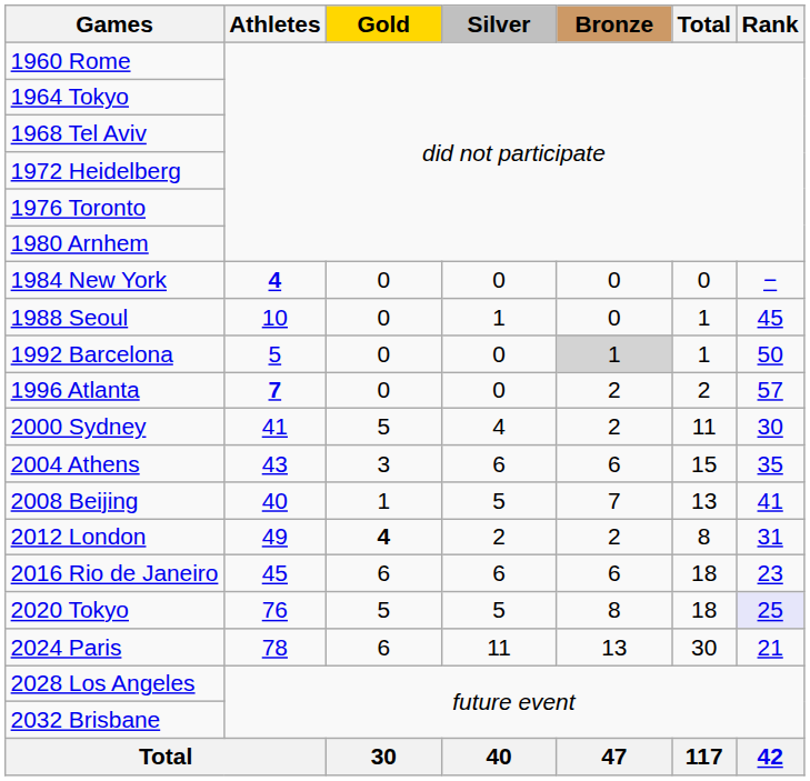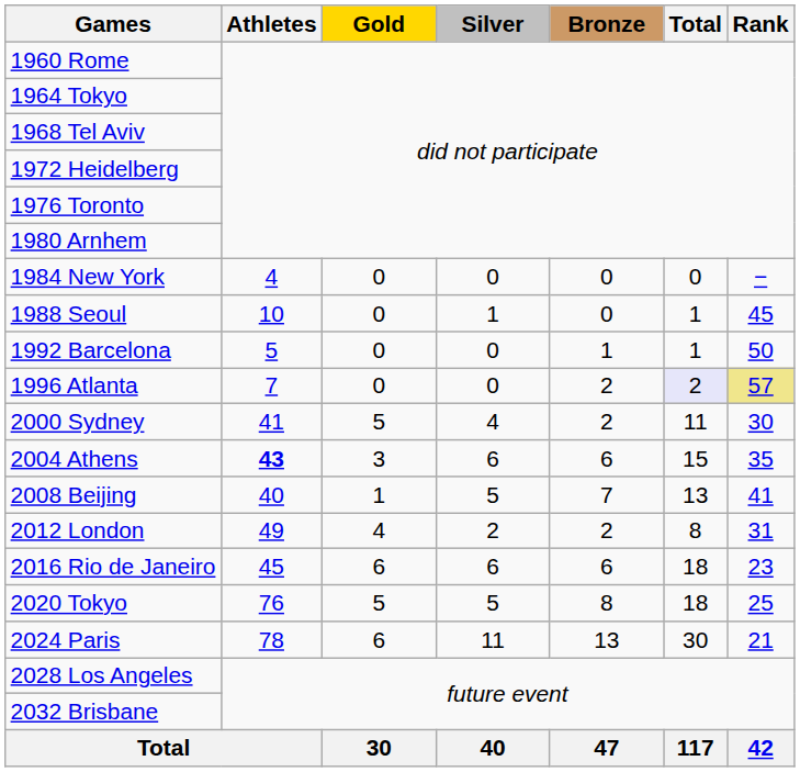 <table class="wikitable" style="text-align:center; font-size:90%;">
 <tr>
 <th>Games</th>
 <th>Athletes</th>
 <th style="background:gold; width:4.5em; font-weight:bold;">Gold</th>
 <th style="background:silver; width:4.5em; font-weight:bold;">Silver</th>
 <th style="background:#cc9966; width:4.5em; font-weight:bold;">Bronze</th>
 <th>Total</th>
 <th>Rank</th>
 </tr>
 <tr>
 <td align=left><a href='#'>1960 Rome</a></td>
 <td colspan=6 rowspan=6><em>did not participate</em></td>
 </tr>
 <tr>
 <td align=left><a href='#'>1964 Tokyo</a></td>
 </tr>
 <tr>
 <td align=left><a href='#'>1968 Tel Aviv</a></td>
 </tr>
 <tr>
 <td align=left><a href='#'>1972 Heidelberg</a></td>
 </tr>
 <tr>
 <td align=left><a href='#'>1976 Toronto</a></td>
 </tr>
 <tr>
 <td align=left><a href='#'>1980 Arnhem</a></td>
 </tr>
 <tr>
 <td align=left><a href='#'>1984 New York</a></td>
-<td><strong><a href='#'>4</a></strong></td>
+<td><a href='#'>4</a></td>
 <td>0</td>
 <td>0</td>
 <td>0</td>
 <td>0</td>
 <td><a href='#'>−</a></td>
 </tr>
 <tr>
 <td align=left><a href='#'>1988 Seoul</a></td>
 <td><a href='#'>10</a></td>
 <td>0</td>
 <td>1</td>
 <td>0</td>
 <td>1</td>
 <td><a href='#'>45</a></td>
 </tr>
 <tr>
 <td align=left><a href='#'>1992 Barcelona</a></td>
 <td><a href='#'>5</a></td>
 <td>0</td>
 <td>0</td>
-<td style="background: lightgrey;">1</td>
+<td>1</td>
 <td>1</td>
 <td><a href='#'>50</a></td>
 </tr>
 <tr>
 <td align=left><a href='#'>1996 Atlanta</a></td>
-<td><strong><a href='#'>7</a></strong></td>
+<td><a href='#'>7</a></td>
 <td>0</td>
 <td>0</td>
 <td>2</td>
-<td>2</td>
-<td><a href='#'>57</a></td>
+<td style="background: lavender;">2</td>
+<td style="background: khaki;"><a href='#'>57</a></td>
 </tr>
 <tr>
 <td align=left><a href='#'>2000 Sydney</a></td>
 <td><a href='#'>41</a></td>
 <td>5</td>
 <td>4</td>
 <td>2</td>
 <td>11</td>
 <td><a href='#'>30</a></td>
 </tr>
 <tr>
 <td align=left><a href='#'>2004 Athens</a></td>
-<td><a href='#'>43</a></td>
+<td><strong><a href='#'>43</a></strong></td>
 <td>3</td>
 <td>6</td>
 <td>6</td>
 <td>15</td>
 <td><a href='#'>35</a></td>
 </tr>
 <tr>
 <td align=left><a href='#'>2008 Beijing</a></td>
 <td><a href='#'>40</a></td>
 <td>1</td>
 <td>5</td>
 <td>7</td>
 <td>13</td>
 <td><a href='#'>41</a></td>
 </tr>
 <tr>
 <td align=left><a href='#'>2012 London</a></td>
 <td><a href='#'>49</a></td>
-<td><strong>4</strong></td>
+<td>4</td>
 <td>2</td>
 <td>2</td>
 <td>8</td>
 <td><a href='#'>31</a></td>
 </tr>
 <tr>
 <td align=left><a href='#'>2016 Rio de Janeiro</a></td>
 <td><a href='#'>45</a></td>
 <td>6</td>
 <td>6</td>
 <td>6</td>
 <td>18</td>
 <td><a href='#'>23</a></td>
 </tr>
 <tr>
 <td align=left><a href='#'>2020 Tokyo</a></td>
 <td><a href='#'>76</a></td>
 <td>5</td>
 <td>5</td>
 <td>8</td>
 <td>18</td>
-<td style="background: lavender;"><a href='#'>25</a></td>
+<td><a href='#'>25</a></td>
 </tr>
 <tr>
 <td align=left><a href='#'>2024 Paris</a></td>
 <td><a href='#'>78</a></td>
 <td>6</td>
 <td>11</td>
 <td>13</td>
 <td>30</td>
 <td><a href='#'>21</a></td>
 </tr>
 <tr>
 <td align=left><a href='#'>2028 Los Angeles</a></td>
 <td colspan=6; rowspan=2><em>future event</em></td>
 </tr>
 <tr>
 <td align=left><a href='#'>2032 Brisbane</a></td>
 </tr>
 <tr>
 <th colspan=2>Total</th>
 <th>30</th>
 <th>40</th>
 <th>47</th>
 <th>117</th>
 <th><a href='#'>42</a></th>
 </tr>
 </table>
